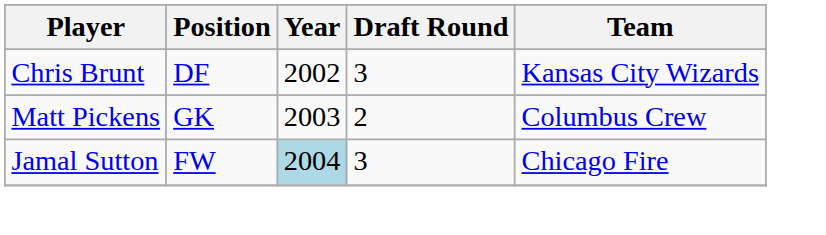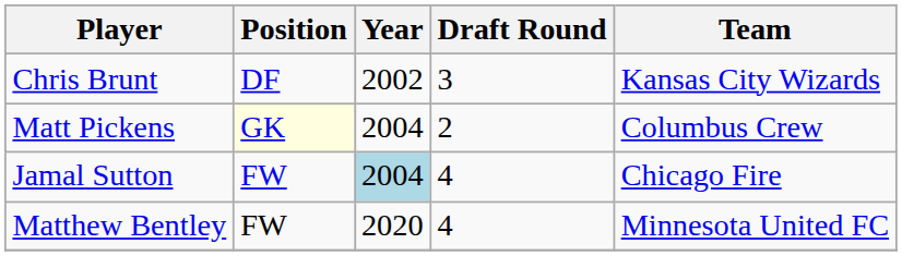 <table class="wikitable">
 <tr>
 <th>Player</th>
 <th>Position</th>
 <th>Year</th>
 <th>Draft Round</th>
 <th>Team</th>
 </tr>
 <tr>
 <td><a href='#'>Chris Brunt</a></td>
 <td><a href='#'>DF</a></td>
 <td>2002</td>
 <td>3</td>
 <td><a href='#'>Kansas City Wizards</a></td>
 </tr>
 <tr>
 <td><a href='#'>Matt Pickens</a></td>
-<td><a href='#'>GK</a></td>
-<td>2003</td>
+<td style="background: lightyellow;"><a href='#'>GK</a></td>
+<td>2004</td>
 <td>2</td>
 <td><a href='#'>Columbus Crew</a></td>
 </tr>
 <tr>
 <td><a href='#'>Jamal Sutton</a></td>
 <td><a href='#'>FW</a></td>
 <td style="background: lightblue;">2004</td>
-<td>3</td>
+<td>4</td>
 <td><a href='#'>Chicago Fire</a></td>
+</tr>
+<tr>
+<td><a href='#'>Matthew Bentley</a></td>
+<td>FW</td>
+<td>2020</td>
+<td>4</td>
+<td><a href='#'>Minnesota United FC</a></td>
 </tr>
 <tr>
 </tr>
 </table>
